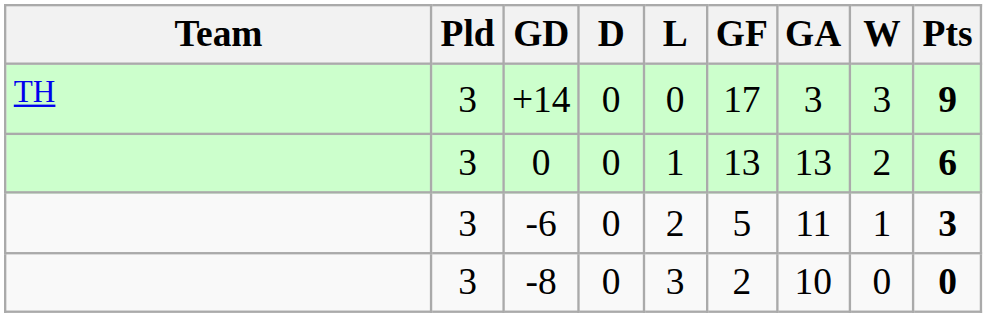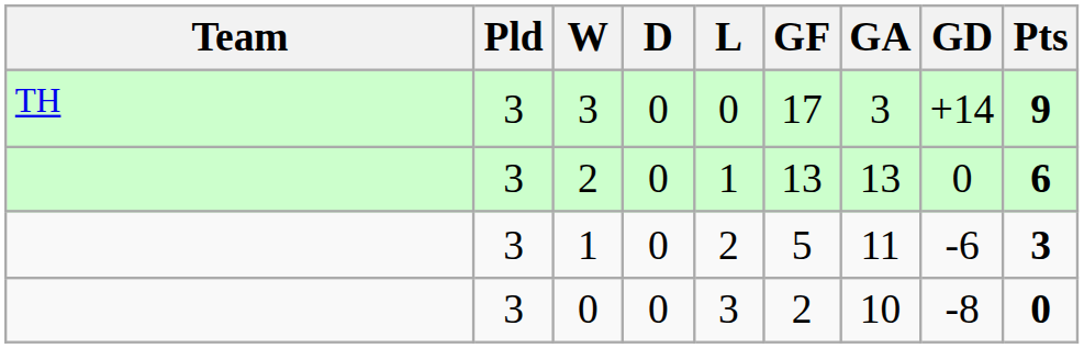 <table class="wikitable" style="text-align: center;">
 <tr>
 <th width="175">Team</th>
 <th width="20">Pld</th>
-<th width="20">GD</th>
+<th width="20">W</th>
 <th width="20">D</th>
 <th width="20">L</th>
 <th width="20">GF</th>
 <th width="20">GA</th>
-<th width="20">W</th>
+<th width="20">GD</th>
 <th width="20">Pts</th>
 </tr>
 <tr bgcolor="#ccffcc">
 <td style="text-align:left;"><strong></strong> <sup><a href='#'>TH</a></sup></td>
 <td>3</td>
-<td>+14</td>
+<td>3</td>
 <td>0</td>
 <td>0</td>
 <td>17</td>
 <td>3</td>
-<td>3</td>
+<td>+14</td>
 <td><strong>9</strong></td>
 </tr>
 <tr bgcolor="#ccffcc">
 <td style="text-align:left;"><em></em></td>
 <td>3</td>
-<td>0</td>
+<td>2</td>
 <td>0</td>
 <td>1</td>
 <td>13</td>
 <td>13</td>
-<td>2</td>
+<td>0</td>
 <td><strong>6</strong></td>
 </tr>
 <tr align=center>
 <td style="text-align:left;"></td>
 <td>3</td>
-<td>-6</td>
+<td>1</td>
 <td>0</td>
 <td>2</td>
 <td>5</td>
 <td>11</td>
-<td>1</td>
+<td>-6</td>
 <td><strong>3</strong></td>
 </tr>
 <tr align=center>
 <td style="text-align:left;"></td>
 <td>3</td>
-<td>-8</td>
+<td>0</td>
 <td>0</td>
 <td>3</td>
 <td>2</td>
 <td>10</td>
-<td>0</td>
+<td>-8</td>
 <td><strong>0</strong></td>
 </tr>
 </table>
